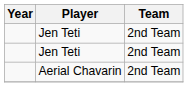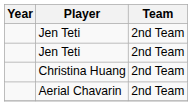 <table class= "wikitable">
 <tr>
 <th width=px>Year</th>
 <th width=px>Player</th>
 <th width=px>Team</th>
 </tr>
 <tr>
 <td></td>
 <td>Jen Teti</td>
 <td>2nd Team</td>
 </tr>
 <tr>
 <td></td>
 <td>Jen Teti</td>
 <td>2nd Team</td>
 </tr>
 <tr>
 <td></td>
+<td>Christina Huang</td>
+<td>2nd Team</td>
+</tr>
+<tr>
+<td></td>
 <td>Aerial Chavarin</td>
 <td>2nd Team</td>
 </tr>
 <tr>
 </tr>
 </table>
